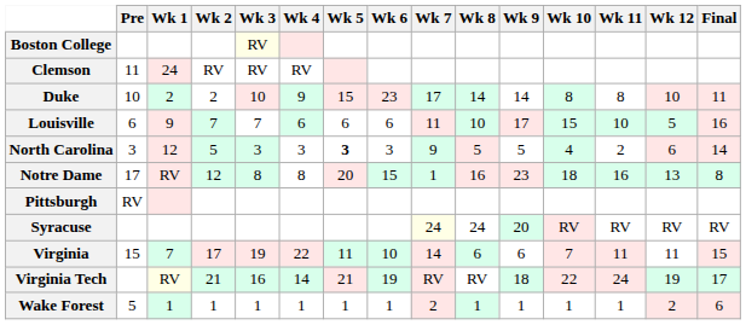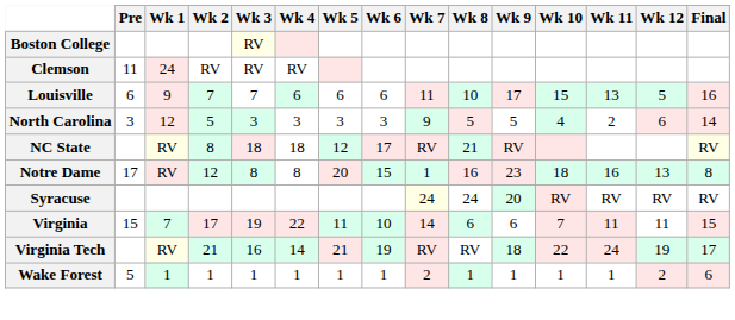 <table class="wikitable" style="white-space:nowrap;font-size:90%;">
 <tr>
 <th colspan=1 style="background:white; border-top-style:hidden; border-left-style:hidden;"> </th>
 <th>Pre <br></th>
 <th>Wk 1 <br></th>
 <th>Wk 2 <br></th>
 <th>Wk 3 <br></th>
 <th>Wk 4 <br></th>
 <th>Wk 5 <br></th>
 <th>Wk 6 <br></th>
 <th>Wk 7 <br></th>
 <th>Wk 8 <br></th>
 <th>Wk 9 <br></th>
 <th>Wk 10 <br></th>
 <th>Wk 11 <br></th>
 <th>Wk 12 <br></th>
 <th>Final <br></th>
 </tr>
 <tr style="text-align:center;">
 <th>Boston College</th>
 <td style="background:#FFF;"></td>
 <td style="background:#FFF;"></td>
 <td style="background:#FFF;"></td>
 <td style="background:#FFFFE6;"> RV</td>
 <td style="background:#FFE6E6;"></td>
 <td style="background:#FFF;"></td>
 <td style="background:#FFF;"></td>
 <td style="background:#FFF;"></td>
 <td style="background:#FFF;"></td>
 <td style="background:#FFF;"></td>
 <td style="background:#FFF;"></td>
 <td style="background:#FFF;"></td>
 <td style="background:#FFF;"></td>
 <td style="background:#FFF;"></td>
 </tr>
 <tr style="text-align:center;">
 <th>Clemson</th>
 <td style="background:#FFF;"> 11</td>
 <td style="background:#FFE6E6;"> 24</td>
 <td style="background:#FFF;"> RV</td>
 <td style="background:#FFF;"> RV</td>
 <td style="background:#FFF;"> RV</td>
 <td style="background:#FFE6E6;"></td>
 <td style="background:#FFF;"></td>
 <td style="background:#FFF;"></td>
 <td style="background:#FFF;"></td>
 <td style="background:#FFF;"></td>
 <td style="background:#FFF;"></td>
 <td style="background:#FFF;"></td>
 <td style="background:#FFF;"></td>
 <td style="background:#FFF;"></td>
 </tr>
 <tr style="text-align:center;">
-<th>Duke</th>
-<td style="background:#FFF;"> 10</td>
-<td style="background:#D8FFEB;"> 2</td>
-<td style="background:#FFF;"> 2</td>
-<td style="background:#FFE6E6;"> 10</td>
-<td style="background:#D8FFEB;"> 9</td>
-<td style="background:#FFE6E6;"> 15</td>
-<td style="background:#FFE6E6;"> 23</td>
-<td style="background:#D8FFEB;"> 17</td>
-<td style="background:#D8FFEB;"> 14</td>
-<td style="background:#FFF;"> 14</td>
-<td style="background:#D8FFEB;"> 8</td>
-<td style="background:#FFF;"> 8</td>
-<td style="background:#FFE6E6;"> 10</td>
-<td style="background:#FFE6E6;"> 11</td>
-</tr>
-<tr style="text-align:center;">
 <th>Louisville</th>
 <td style="background:#FFF;"> 6</td>
 <td style="background:#FFE6E6;"> 9</td>
 <td style="background:#D8FFEB;"> 7</td>
 <td style="background:#FFF;"> 7</td>
 <td style="background:#D8FFEB;"> 6</td>
 <td style="background:#FFF;"> 6</td>
 <td style="background:#FFF;"> 6</td>
 <td style="background:#FFE6E6;"> 11</td>
 <td style="background:#D8FFEB;"> 10</td>
 <td style="background:#FFE6E6;"> 17</td>
 <td style="background:#D8FFEB;"> 15</td>
-<td style="background:#D8FFEB;"> 10</td>
+<td style="background:#D8FFEB;"> 13</td>
 <td style="background:#D8FFEB;"> 5</td>
 <td style="background:#FFE6E6;"> 16</td>
 </tr>
 <tr style="text-align:center;">
 <th>North Carolina</th>
 <td style="background:#FFF;"> 3</td>
 <td style="background:#FFE6E6;"> 12</td>
 <td style="background:#D8FFEB;"> 5</td>
 <td style="background:#D8FFEB;"> 3</td>
 <td style="background:#FFF;"> 3</td>
-<td style="background:#FFF;"><strong> 3</strong></td>
+<td style="background:#FFF;"> 3</td>
 <td style="background:#FFF;"> 3</td>
 <td style="background:#D8FFEB;"> 9</td>
 <td style="background:#FFE6E6;"> 5</td>
 <td style="background:#FFF;"> 5</td>
 <td style="background:#D8FFEB;"> 4</td>
 <td style="background:#FFF;"> 2</td>
 <td style="background:#FFE6E6;"> 6</td>
 <td style="background:#FFE6E6;"> 14</td>
+</tr>
+<tr style="text-align:center;">
+<th>NC State</th>
+<td style="background:#FFF;"></td>
+<td style="background:#FFFFE6;"> RV</td>
+<td style="background:#D8FFEB;"> 8</td>
+<td style="background:#FFE6E6;"> 18</td>
+<td style="background:#FFF;"> 18</td>
+<td style="background:#D8FFEB;"> 12</td>
+<td style="background:#FFE6E6;"> 17</td>
+<td style="background:#FFE6E6;"> RV</td>
+<td style="background:#D8FFEB;"> 21</td>
+<td style="background:#FFE6E6;"> RV</td>
+<td style="background:#FFE6E6;"></td>
+<td style="background:#FFF;"></td>
+<td style="background:#FFF;"></td>
+<td style="background:#FFFFE6;"> RV</td>
 </tr>
 <tr style="text-align:center;">
 <th>Notre Dame</th>
 <td style="background:#FFF;"> 17</td>
 <td style="background:#FFE6E6;"> RV</td>
 <td style="background:#D8FFEB;"> 12</td>
 <td style="background:#D8FFEB;"> 8</td>
 <td style="background:#FFF;"> 8</td>
 <td style="background:#FFE6E6;"> 20</td>
 <td style="background:#D8FFEB;"> 15</td>
 <td style="background:#D8FFEB;"> 1</td>
 <td style="background:#FFE6E6;"> 16</td>
 <td style="background:#FFE6E6;"> 23</td>
 <td style="background:#D8FFEB;"> 18</td>
 <td style="background:#D8FFEB;"> 16</td>
 <td style="background:#D8FFEB;"> 13</td>
 <td style="background:#D8FFEB;"> 8</td>
-</tr>
-<tr style="text-align:center;">
-<th>Pittsburgh</th>
-<td style="background:#FFF;"> RV</td>
-<td style="background:#FFE6E6;"></td>
-<td style="background:#FFF;"></td>
-<td style="background:#FFF;"></td>
-<td style="background:#FFF;"></td>
-<td style="background:#FFF;"></td>
-<td style="background:#FFF;"></td>
-<td style="background:#FFF;"></td>
-<td style="background:#FFF;"></td>
-<td style="background:#FFF;"></td>
-<td style="background:#FFF;"></td>
-<td style="background:#FFF;"></td>
-<td style="background:#FFF;"></td>
-<td style="background:#FFF;"></td>
 </tr>
 <tr style="text-align:center;">
 <th>Syracuse</th>
 <td style="background:#FFF;"></td>
 <td style="background:#FFF;"></td>
 <td style="background:#FFF;"></td>
 <td style="background:#FFF;"></td>
 <td style="background:#FFF;"></td>
 <td style="background:#FFF;"></td>
 <td style="background:#FFF;"></td>
 <td style="background:#FFFFE6;"> 24</td>
 <td style="background:#FFF;"> 24</td>
 <td style="background:#D8FFEB;"> 20</td>
 <td style="background:#FFE6E6;"> RV</td>
 <td style="background:#FFF;"> RV</td>
 <td style="background:#FFF;"> RV</td>
 <td style="background:#FFF;"> RV</td>
 </tr>
 <tr style="text-align:center;">
 <th>Virginia</th>
 <td style="background:#FFF;"> 15</td>
 <td style="background:#D8FFEB;"> 7</td>
 <td style="background:#FFE6E6;"> 17</td>
 <td style="background:#FFE6E6;"> 19</td>
 <td style="background:#FFE6E6;"> 22</td>
 <td style="background:#D8FFEB;"> 11</td>
 <td style="background:#D8FFEB;"> 10</td>
 <td style="background:#FFE6E6;"> 14</td>
 <td style="background:#D8FFEB;"> 6</td>
 <td style="background:#FFF;"> 6</td>
 <td style="background:#FFE6E6;"> 7</td>
 <td style="background:#FFE6E6;"> 11</td>
 <td style="background:#FFF;"> 11</td>
 <td style="background:#FFE6E6;"> 15</td>
 </tr>
 <tr style="text-align:center;">
 <th>Virginia Tech</th>
 <td style="background:#FFF;"></td>
 <td style="background:#FFFFE6;"> RV</td>
 <td style="background:#D8FFEB;"> 21</td>
 <td style="background:#D8FFEB;"> 16</td>
 <td style="background:#D8FFEB;"> 14</td>
 <td style="background:#FFE6E6;"> 21</td>
 <td style="background:#D8FFEB;"> 19</td>
 <td style="background:#FFE6E6;"> RV</td>
 <td style="background:#FFF;"> RV</td>
 <td style="background:#D8FFEB;"> 18</td>
 <td style="background:#FFE6E6;"> 22</td>
 <td style="background:#FFE6E6;"> 24</td>
 <td style="background:#D8FFEB;"> 19</td>
 <td style="background:#D8FFEB;"> 17</td>
 </tr>
 <tr style="text-align:center;">
 <th>Wake Forest</th>
 <td style="background:#FFF;"> 5</td>
 <td style="background:#D8FFEB;"> 1</td>
 <td style="background:#FFF;"> 1</td>
 <td style="background:#FFF;"> 1</td>
 <td style="background:#FFF;"> 1</td>
 <td style="background:#FFF;"> 1</td>
 <td style="background:#FFF;"> 1</td>
 <td style="background:#FFE6E6;"> 2</td>
 <td style="background:#D8FFEB;"> 1</td>
 <td style="background:#FFF;"> 1</td>
 <td style="background:#FFF;"> 1</td>
 <td style="background:#FFF;"> 1</td>
 <td style="background:#FFE6E6;"> 2</td>
 <td style="background:#FFE6E6;"> 6</td>
 </tr>
 </table>
